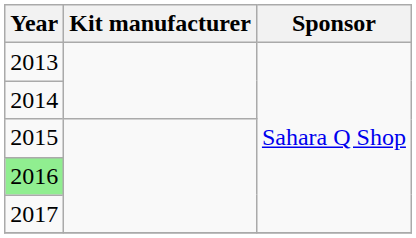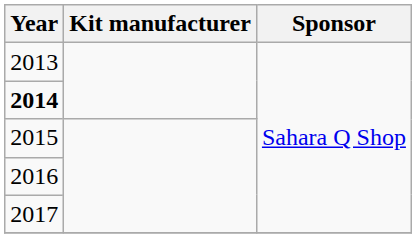 <table class="wikitable">
 <tr>
 <th>Year</th>
 <th>Kit manufacturer</th>
 <th>Sponsor</th>
 </tr>
 <tr>
 <td>2013</td>
 <td rowspan=2></td>
 <td rowspan=5><a href='#'>Sahara Q Shop</a></td>
 </tr>
 <tr>
-<td>2014</td>
+<td><strong>2014</strong></td>
 </tr>
 <tr>
 <td>2015</td>
 <td rowspan=3></td>
 </tr>
 <tr>
-<td style="background: lightgreen;">2016</td>
+<td>2016</td>
 </tr>
 <tr>
 <td>2017</td>
 </tr>
 <tr>
 </tr>
 </table>
